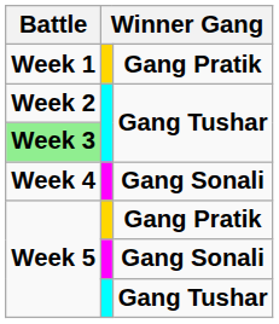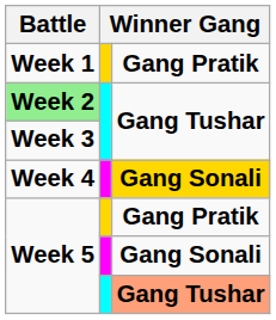 <table class="wikitable sortable" style="text-align:center;">
 <tr>
 <th>Battle</th>
 <th colspan="2">Winner Gang</th>
 </tr>
 <tr>
 <td><strong>Week 1</strong></td>
 <td bgcolor="gold"></td>
 <td><strong>Gang Pratik</strong></td>
 </tr>
 <tr>
-<td><strong>Week 2</strong></td>
+<td style="background: lightgreen;"><strong>Week 2</strong></td>
 <td rowspan="2" bgcolor="cyan"></td>
 <td rowspan="2"><strong>Gang Tushar</strong></td>
 </tr>
 <tr>
-<td style="background: lightgreen;"><strong>Week 3</strong></td>
+<td><strong>Week 3</strong></td>
 </tr>
 <tr>
 <td><strong>Week 4</strong></td>
 <td bgcolor="magenta"></td>
-<td><strong>Gang Sonali</strong></td>
+<td style="background: gold;"><strong>Gang Sonali</strong></td>
 </tr>
 <tr>
 <td rowspan="3"><strong>Week 5</strong></td>
 <td bgcolor="gold"></td>
 <td><strong>Gang Pratik</strong></td>
 </tr>
 <tr>
 <td bgcolor="magenta"></td>
 <td><strong>Gang Sonali</strong></td>
 </tr>
 <tr>
 <td bgcolor="cyan"></td>
-<td><strong>Gang Tushar</strong></td>
+<td style="background: lightsalmon;"><strong>Gang Tushar</strong></td>
 </tr>
 </table>
